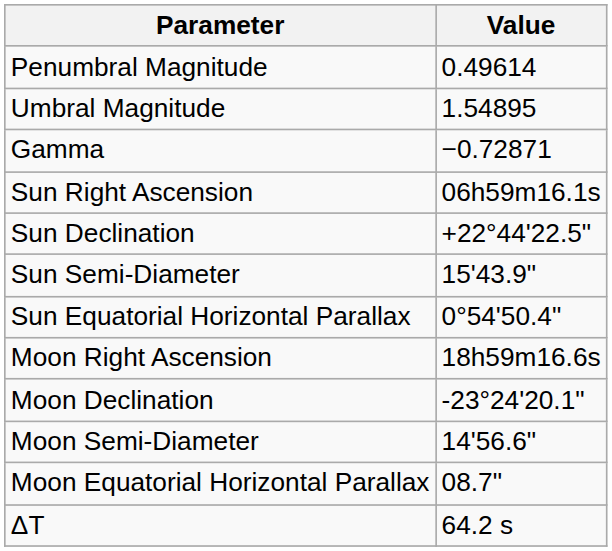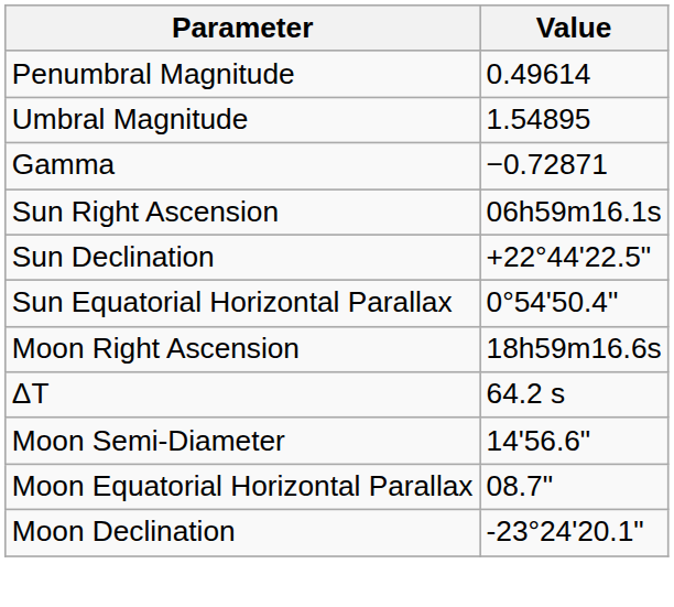 <table class="wikitable">
 <tr>
 <th>Parameter</th>
 <th>Value</th>
 </tr>
 <tr>
 <td>Penumbral Magnitude</td>
 <td>0.49614</td>
 </tr>
 <tr>
 <td>Umbral Magnitude</td>
 <td>1.54895</td>
 </tr>
 <tr>
 <td>Gamma</td>
 <td>−0.72871</td>
 </tr>
 <tr>
 <td>Sun Right Ascension</td>
 <td>06h59m16.1s</td>
 </tr>
 <tr>
 <td>Sun Declination</td>
 <td>+22°44'22.5"</td>
 </tr>
 <tr>
-<td>Sun Semi-Diameter</td>
-<td>15'43.9"</td>
-</tr>
-<tr>
 <td>Sun Equatorial Horizontal Parallax</td>
 <td>0°54'50.4"</td>
 </tr>
 <tr>
 <td>Moon Right Ascension</td>
 <td>18h59m16.6s</td>
 </tr>
 <tr>
-<td>Moon Declination</td>
-<td>-23°24'20.1"</td>
+<td>ΔT</td>
+<td>64.2 s</td>
 </tr>
 <tr>
 <td>Moon Semi-Diameter</td>
 <td>14'56.6"</td>
 </tr>
 <tr>
 <td>Moon Equatorial Horizontal Parallax</td>
 <td>08.7"</td>
 </tr>
 <tr>
-<td>ΔT</td>
-<td>64.2 s</td>
+<td>Moon Declination</td>
+<td>-23°24'20.1"</td>
 </tr>
 </table>
